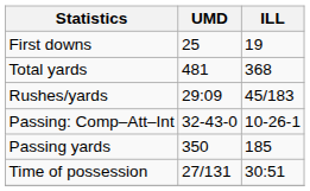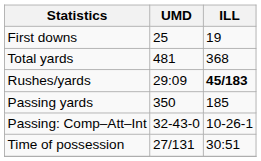 <table class="wikitable" style="float: left;">
 <tr>
 <th>Statistics</th>
 <th>UMD</th>
 <th>ILL</th>
 </tr>
 <tr>
 <td>First downs</td>
 <td>25</td>
 <td>19</td>
 </tr>
 <tr>
 <td>Total yards</td>
 <td>481</td>
 <td>368</td>
 </tr>
 <tr>
 <td>Rushes/yards</td>
 <td>29:09</td>
-<td>45/183</td>
+<td><strong>45/183</strong></td>
+</tr>
+<tr>
+<td>Passing yards</td>
+<td>350</td>
+<td>185</td>
 </tr>
 <tr>
 <td>Passing: Comp–Att–Int</td>
 <td>32-43-0</td>
 <td>10-26-1</td>
-</tr>
-<tr>
-<td>Passing yards</td>
-<td>350</td>
-<td>185</td>
 </tr>
 <tr>
 <td>Time of possession</td>
 <td>27/131</td>
 <td>30:51</td>
 </tr>
 <tr>
 </tr>
 </table>
